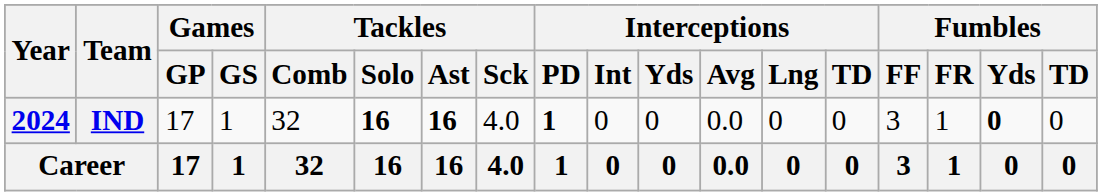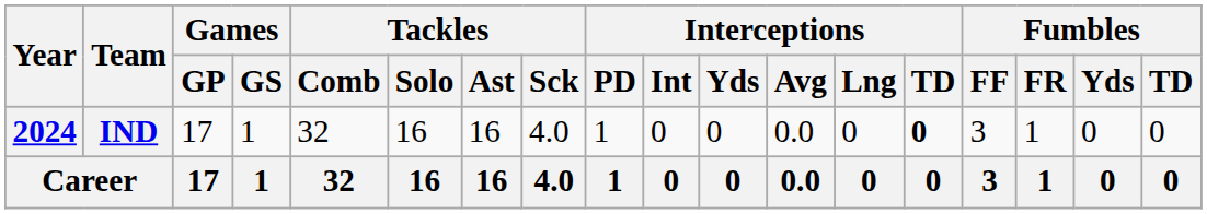 <table class="wikitable">
 <tr>
 <th rowspan="2">Year</th>
 <th rowspan="2">Team</th>
 <th colspan="2">Games</th>
 <th colspan="4">Tackles</th>
 <th colspan="6">Interceptions</th>
 <th colspan="4">Fumbles</th>
 </tr>
 <tr>
 <th>GP</th>
 <th>GS</th>
 <th>Comb</th>
 <th>Solo</th>
 <th>Ast</th>
 <th>Sck</th>
 <th>PD</th>
 <th>Int</th>
 <th>Yds</th>
 <th>Avg</th>
 <th>Lng</th>
 <th>TD</th>
 <th>FF</th>
 <th>FR</th>
 <th>Yds</th>
 <th>TD</th>
 </tr>
 <tr>
 <th><a href='#'>2024</a></th>
 <th><a href='#'>IND</a></th>
 <td>17</td>
 <td>1</td>
 <td>32</td>
-<td><strong>16</strong></td>
-<td><strong>16</strong></td>
+<td>16</td>
+<td>16</td>
 <td>4.0</td>
-<td><strong>1</strong></td>
+<td>1</td>
 <td>0</td>
 <td>0</td>
 <td>0.0</td>
 <td>0</td>
-<td>0</td>
+<td><strong>0</strong></td>
 <td>3</td>
 <td>1</td>
-<td><strong>0</strong></td>
+<td>0</td>
 <td>0</td>
 </tr>
 <tr>
 <th colspan="2">Career</th>
 <th>17</th>
 <th>1</th>
 <th>32</th>
 <th>16</th>
 <th>16</th>
 <th>4.0</th>
 <th>1</th>
 <th>0</th>
 <th>0</th>
 <th>0.0</th>
 <th>0</th>
 <th>0</th>
 <th>3</th>
 <th>1</th>
 <th>0</th>
 <th>0</th>
 </tr>
 </table>
